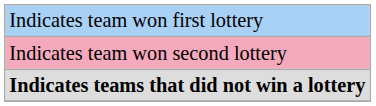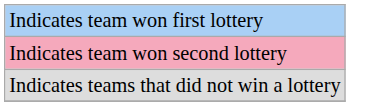 <table class="wikitable">
 <tr>
 <td style="background:#A9D0F5;">Indicates team won first lottery</td>
 </tr>
 <tr>
 <td style="background:#F5A9BC;">Indicates team won second lottery</td>
 </tr>
 <tr>
-<td style="background:#DDDDDD;"><strong>Indicates teams that did not win a lottery</strong></td>
+<td style="background:#DDDDDD;">Indicates teams that did not win a lottery</td>
 </tr>
 <tr>
 </tr>
 </table>
